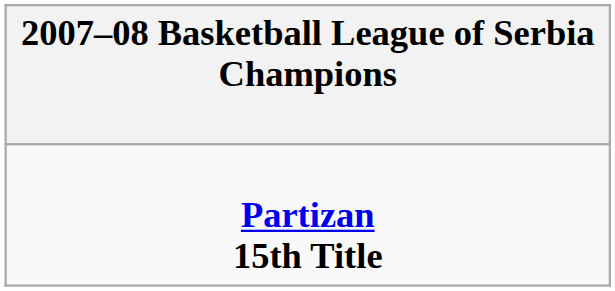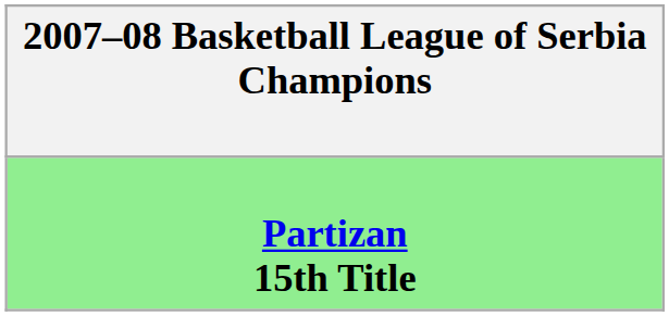 <table class="wikitable" style="margin: 0 auto; width: 30%;">
 <tr>
 <th>2007–08 Basketball League of Serbia Champions<br><br></th>
 </tr>
 <tr>
-<td align=center><br><strong><a href='#'>Partizan</a></strong><br><strong>15th Title</strong></td>
+<td align=center style="background: lightgreen;"><br><strong><a href='#'>Partizan</a></strong><br><strong>15th Title</strong></td>
 </tr>
 </table>
